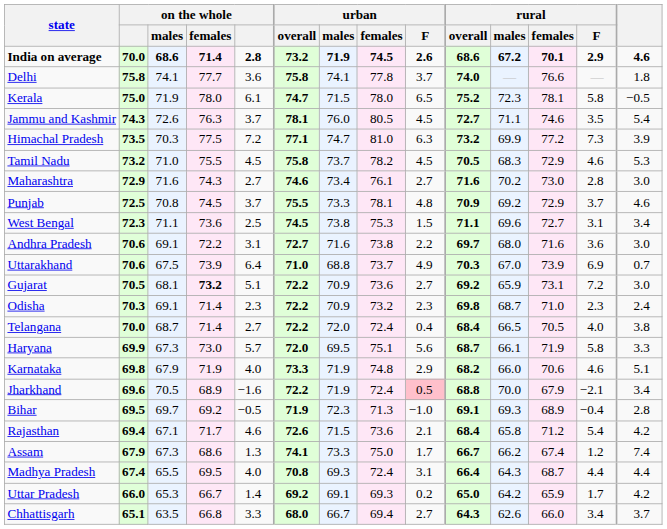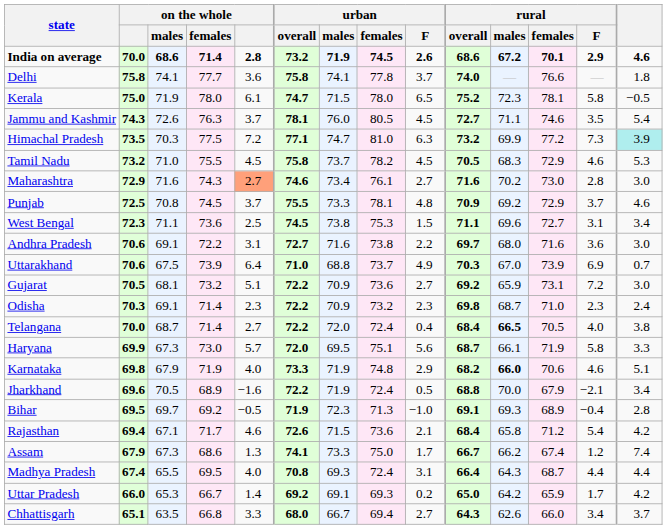 <table class="wikitable sortable static-row-numbers sort-under" style="text-align:right;">
 <tr class="static-row-header" style="text-align:center;vertical-align:bottom;">
 <th rowspan=2 style="vertical-align:middle;"><a href='#'>state</a></th>
 <th colspan=4>on the whole</th>
 <th colspan=4 style="border-left-width:2px;">urban</th>
 <th colspan=4 style="border-left-width:2px;">rural</th>
 <th rowspan=2 style="width:3em;vertical-align:middle;border-left-width:2px;"></th>
 </tr>
 <tr class="static-row-header" style="text-align:center;vertical-align:bottom;">
 <th style="vertical-align:middle;"></th>
 <th style="vertical-align:middle;">males</th>
 <th style="vertical-align:middle;">females</th>
 <th style="width:2.5em;"></th>
 <th style="vertical-align:middle;border-left-width:2px;">overall</th>
 <th style="vertical-align:middle;">males</th>
 <th style="vertical-align:middle;">females</th>
 <th style="width:2.5em;">F </th>
 <th style="vertical-align:middle;border-left-width:2px;">overall</th>
 <th style="vertical-align:middle;">males</th>
 <th style="vertical-align:middle;">females</th>
 <th style="width:2.5em;">F </th>
 </tr>
 <tr class=static-row-header>
 <td style="text-align:left;"><strong>India on average</strong></td>
 <td style="text-align:center; background:#e0ffd8;"><strong>70.0</strong></td>
 <td style="text-align:center;background:#eaf3ff;"><strong>68.6</strong></td>
 <td style="text-align:center;background:#fee7f6;"><strong>71.4</strong></td>
 <td style="padding-right:2ex;"><strong>2.8</strong></td>
 <td style="text-align:center;background:#e0ffd8;border-left-width:2px;"><strong>73.2</strong></td>
 <td style="text-align:center;background:#eaf3ff;"><strong>71.9</strong></td>
 <td style="text-align:center;background:#fee7f6;"><strong>74.5</strong></td>
 <td style="padding-right:2ex;"><strong>2.6</strong></td>
 <td style="text-align:center;background:#e0ffd8;border-left-width:2px;"><strong>68.6</strong></td>
 <td style="text-align:center;background:#eaf3ff;"><strong>67.2</strong></td>
 <td style="text-align:center;background:#fee7f6;"><strong>70.1</strong></td>
 <td style="padding-right:2ex;"><strong>2.9</strong></td>
 <td style="padding-right:2ex;border-left-width:2px;"><strong>4.6</strong></td>
 </tr>
 <tr>
 <td style="text-align:left;"><a href='#'>Delhi</a></td>
 <td style="text-align:center; background:#e0ffd8;"><strong>75.8</strong></td>
 <td style="text-align:center;background:#eaf3ff;">74.1</td>
 <td style="text-align:center;background:#fee7f6;">77.7</td>
 <td style="padding-right:2ex;">3.6</td>
 <td style="text-align:center;background:#e0ffd8;border-left-width:2px;"><strong>75.8</strong></td>
 <td style="text-align:center;background:#eaf3ff;">74.1</td>
 <td style="text-align:center;background:#fee7f6;">77.8</td>
 <td style="padding-right:2ex;">3.7</td>
 <td style="text-align:center;background:#e0ffd8;border-left-width:2px;"><strong>74.0</strong></td>
 <td style="text-align:center;background:#eaf3ff;color:silver;">—</td>
 <td style="text-align:center;background:#fee7f6;">76.6</td>
 <td style="padding-right:2ex;color:silver;">—</td>
 <td style="padding-right:2ex;border-left-width:2px;">1.8</td>
 </tr>
 <tr>
 <td style="text-align:left;"><a href='#'>Kerala</a></td>
 <td style="text-align:center; background:#e0ffd8;"><strong>75.0</strong></td>
 <td style="text-align:center;background:#eaf3ff;">71.9</td>
 <td style="text-align:center;background:#fee7f6;">78.0</td>
 <td style="padding-right:2ex;">6.1</td>
 <td style="text-align:center;background:#e0ffd8;border-left-width:2px;"><strong>74.7</strong></td>
 <td style="text-align:center;background:#eaf3ff;">71.5</td>
 <td style="text-align:center;background:#fee7f6;">78.0</td>
 <td style="padding-right:2ex;">6.5</td>
 <td style="text-align:center;background:#e0ffd8;border-left-width:2px;"><strong>75.2</strong></td>
 <td style="text-align:center;background:#eaf3ff;">72.3</td>
 <td style="text-align:center;background:#fee7f6;">78.1</td>
 <td style="padding-right:2ex;">5.8</td>
 <td style="padding-right:2ex;border-left-width:2px;">−0.5</td>
 </tr>
 <tr>
 <td style="text-align:left;"><a href='#'>Jammu and Kashmir</a></td>
 <td style="text-align:center; background:#e0ffd8;"><strong>74.3</strong></td>
 <td style="text-align:center;background:#eaf3ff;">72.6</td>
 <td style="text-align:center;background:#fee7f6;">76.3</td>
 <td style="padding-right:2ex;">3.7</td>
 <td style="text-align:center;background:#e0ffd8;border-left-width:2px;"><strong>78.1</strong></td>
 <td style="text-align:center;background:#eaf3ff;">76.0</td>
 <td style="text-align:center;background:#fee7f6;">80.5</td>
 <td style="padding-right:2ex;">4.5</td>
 <td style="text-align:center;background:#e0ffd8;border-left-width:2px;"><strong>72.7</strong></td>
 <td style="text-align:center;background:#eaf3ff;">71.1</td>
 <td style="text-align:center;background:#fee7f6;">74.6</td>
 <td style="padding-right:2ex;">3.5</td>
 <td style="padding-right:2ex;border-left-width:2px;">5.4</td>
 </tr>
 <tr>
 <td style="text-align:left;"><a href='#'>Himachal Pradesh</a></td>
 <td style="text-align:center; background:#e0ffd8;"><strong>73.5</strong></td>
 <td style="text-align:center;background:#eaf3ff;">70.3</td>
 <td style="text-align:center;background:#fee7f6;">77.5</td>
 <td style="padding-right:2ex;">7.2</td>
 <td style="text-align:center;background:#e0ffd8;border-left-width:2px;"><strong>77.1</strong></td>
 <td style="text-align:center;background:#eaf3ff;">74.7</td>
 <td style="text-align:center;background:#fee7f6;">81.0</td>
 <td style="padding-right:2ex;">6.3</td>
 <td style="text-align:center;background:#e0ffd8;border-left-width:2px;"><strong>73.2</strong></td>
 <td style="text-align:center;background:#eaf3ff;">69.9</td>
 <td style="text-align:center;background:#fee7f6;">77.2</td>
 <td style="padding-right:2ex;">7.3</td>
-<td style="padding-right:2ex;border-left-width:2px;">3.9</td>
+<td style="background: paleturquoise; padding-right:2ex;border-left-width:2px;">3.9</td>
 </tr>
 <tr>
 <td style="text-align:left;"><a href='#'>Tamil Nadu</a></td>
 <td style="text-align:center; background:#e0ffd8;"><strong>73.2</strong></td>
 <td style="text-align:center;background:#eaf3ff;">71.0</td>
 <td style="text-align:center;background:#fee7f6;">75.5</td>
 <td style="padding-right:2ex;">4.5</td>
 <td style="text-align:center;background:#e0ffd8;border-left-width:2px;"><strong>75.8</strong></td>
 <td style="text-align:center;background:#eaf3ff;">73.7</td>
 <td style="text-align:center;background:#fee7f6;">78.2</td>
 <td style="padding-right:2ex;">4.5</td>
 <td style="text-align:center;background:#e0ffd8;border-left-width:2px;"><strong>70.5</strong></td>
 <td style="text-align:center;background:#eaf3ff;">68.3</td>
 <td style="text-align:center;background:#fee7f6;">72.9</td>
 <td style="padding-right:2ex;">4.6</td>
 <td style="padding-right:2ex;border-left-width:2px;">5.3</td>
 </tr>
 <tr>
 <td style="text-align:left;"><a href='#'>Maharashtra</a></td>
 <td style="text-align:center; background:#e0ffd8;"><strong>72.9</strong></td>
 <td style="text-align:center;background:#eaf3ff;">71.6</td>
 <td style="text-align:center;background:#fee7f6;">74.3</td>
-<td style="padding-right:2ex;">2.7</td>
+<td style="background: lightsalmon; padding-right:2ex;">2.7</td>
 <td style="text-align:center;background:#e0ffd8;border-left-width:2px;"><strong>74.6</strong></td>
 <td style="text-align:center;background:#eaf3ff;">73.4</td>
 <td style="text-align:center;background:#fee7f6;">76.1</td>
 <td style="padding-right:2ex;">2.7</td>
 <td style="text-align:center;background:#e0ffd8;border-left-width:2px;"><strong>71.6</strong></td>
 <td style="text-align:center;background:#eaf3ff;">70.2</td>
 <td style="text-align:center;background:#fee7f6;">73.0</td>
 <td style="padding-right:2ex;">2.8</td>
 <td style="padding-right:2ex;border-left-width:2px;">3.0</td>
 </tr>
 <tr>
 <td style="text-align:left;"><a href='#'>Punjab</a></td>
 <td style="text-align:center; background:#e0ffd8;"><strong>72.5</strong></td>
 <td style="text-align:center;background:#eaf3ff;">70.8</td>
 <td style="text-align:center;background:#fee7f6;">74.5</td>
 <td style="padding-right:2ex;">3.7</td>
 <td style="text-align:center;background:#e0ffd8;border-left-width:2px;"><strong>75.5</strong></td>
 <td style="text-align:center;background:#eaf3ff;">73.3</td>
 <td style="text-align:center;background:#fee7f6;">78.1</td>
 <td style="padding-right:2ex;">4.8</td>
 <td style="text-align:center;background:#e0ffd8;border-left-width:2px;"><strong>70.9</strong></td>
 <td style="text-align:center;background:#eaf3ff;">69.2</td>
 <td style="text-align:center;background:#fee7f6;">72.9</td>
 <td style="padding-right:2ex;">3.7</td>
 <td style="padding-right:2ex;border-left-width:2px;">4.6</td>
 </tr>
 <tr>
 <td style="text-align:left;"><a href='#'>West Bengal</a></td>
 <td style="text-align:center; background:#e0ffd8;"><strong>72.3</strong></td>
 <td style="text-align:center;background:#eaf3ff;">71.1</td>
 <td style="text-align:center;background:#fee7f6;">73.6</td>
 <td style="padding-right:2ex;">2.5</td>
 <td style="text-align:center;background:#e0ffd8;border-left-width:2px;"><strong>74.5</strong></td>
 <td style="text-align:center;background:#eaf3ff;">73.8</td>
 <td style="text-align:center;background:#fee7f6;">75.3</td>
 <td style="padding-right:2ex;">1.5</td>
 <td style="text-align:center;background:#e0ffd8;border-left-width:2px;"><strong>71.1</strong></td>
 <td style="text-align:center;background:#eaf3ff;">69.6</td>
 <td style="text-align:center;background:#fee7f6;">72.7</td>
 <td style="padding-right:2ex;">3.1</td>
 <td style="padding-right:2ex;border-left-width:2px;">3.4</td>
 </tr>
 <tr>
 <td style="text-align:left;"><a href='#'>Andhra Pradesh</a></td>
 <td style="text-align:center; background:#e0ffd8;"><strong>70.6</strong></td>
 <td style="text-align:center;background:#eaf3ff;">69.1</td>
 <td style="text-align:center;background:#fee7f6;">72.2</td>
 <td style="padding-right:2ex;">3.1</td>
 <td style="text-align:center;background:#e0ffd8;border-left-width:2px;"><strong>72.7</strong></td>
 <td style="text-align:center;background:#eaf3ff;">71.6</td>
 <td style="text-align:center;background:#fee7f6;">73.8</td>
 <td style="padding-right:2ex;">2.2</td>
 <td style="text-align:center;background:#e0ffd8;border-left-width:2px;"><strong>69.7</strong></td>
 <td style="text-align:center;background:#eaf3ff;">68.0</td>
 <td style="text-align:center;background:#fee7f6;">71.6</td>
 <td style="padding-right:2ex;">3.6</td>
 <td style="padding-right:2ex;border-left-width:2px;">3.0</td>
 </tr>
 <tr>
 <td style="text-align:left;"><a href='#'>Uttarakhand</a></td>
 <td style="text-align:center; background:#e0ffd8;"><strong>70.6</strong></td>
 <td style="text-align:center;background:#eaf3ff;">67.5</td>
 <td style="text-align:center;background:#fee7f6;">73.9</td>
 <td style="padding-right:2ex;">6.4</td>
 <td style="text-align:center;background:#e0ffd8;border-left-width:2px;"><strong>71.0</strong></td>
 <td style="text-align:center;background:#eaf3ff;">68.8</td>
 <td style="text-align:center;background:#fee7f6;">73.7</td>
 <td style="padding-right:2ex;">4.9</td>
 <td style="text-align:center;background:#e0ffd8;border-left-width:2px;"><strong>70.3</strong></td>
 <td style="text-align:center;background:#eaf3ff;">67.0</td>
 <td style="text-align:center;background:#fee7f6;">73.9</td>
 <td style="padding-right:2ex;">6.9</td>
 <td style="padding-right:2ex;border-left-width:2px;">0.7</td>
 </tr>
 <tr>
 <td style="text-align:left;"><a href='#'>Gujarat</a></td>
 <td style="text-align:center; background:#e0ffd8;"><strong>70.5</strong></td>
 <td style="text-align:center;background:#eaf3ff;">68.1</td>
-<td style="text-align:center;background:#fee7f6;"><strong>73.2</strong></td>
+<td style="text-align:center;background:#fee7f6;">73.2</td>
 <td style="padding-right:2ex;">5.1</td>
 <td style="text-align:center;background:#e0ffd8;border-left-width:2px;"><strong>72.2</strong></td>
 <td style="text-align:center;background:#eaf3ff;">70.9</td>
 <td style="text-align:center;background:#fee7f6;">73.6</td>
 <td style="padding-right:2ex;">2.7</td>
 <td style="text-align:center;background:#e0ffd8;border-left-width:2px;"><strong>69.2</strong></td>
 <td style="text-align:center;background:#eaf3ff;">65.9</td>
 <td style="text-align:center;background:#fee7f6;">73.1</td>
 <td style="padding-right:2ex;">7.2</td>
 <td style="padding-right:2ex;border-left-width:2px;">3.0</td>
 </tr>
 <tr>
 <td style="text-align:left;"><a href='#'>Odisha</a></td>
 <td style="text-align:center; background:#e0ffd8;"><strong>70.3</strong></td>
 <td style="text-align:center;background:#eaf3ff;">69.1</td>
 <td style="text-align:center;background:#fee7f6;">71.4</td>
 <td style="padding-right:2ex;">2.3</td>
 <td style="text-align:center;background:#e0ffd8;border-left-width:2px;"><strong>72.2</strong></td>
 <td style="text-align:center;background:#eaf3ff;">70.9</td>
 <td style="text-align:center;background:#fee7f6;">73.2</td>
 <td style="padding-right:2ex;">2.3</td>
 <td style="text-align:center;background:#e0ffd8;border-left-width:2px;"><strong>69.8</strong></td>
 <td style="text-align:center;background:#eaf3ff;">68.7</td>
 <td style="text-align:center;background:#fee7f6;">71.0</td>
 <td style="padding-right:2ex;">2.3</td>
 <td style="padding-right:2ex;border-left-width:2px;">2.4</td>
 </tr>
 <tr>
 <td style="text-align:left;"><a href='#'>Telangana</a></td>
 <td style="text-align:center; background:#e0ffd8;"><strong>70.0</strong></td>
 <td style="text-align:center;background:#eaf3ff;">68.7</td>
 <td style="text-align:center;background:#fee7f6;">71.4</td>
 <td style="padding-right:2ex;">2.7</td>
 <td style="text-align:center;background:#e0ffd8;border-left-width:2px;"><strong>72.2</strong></td>
 <td style="text-align:center;background:#eaf3ff;">72.0</td>
 <td style="text-align:center;background:#fee7f6;">72.4</td>
 <td style="padding-right:2ex;">0.4</td>
 <td style="text-align:center;background:#e0ffd8;border-left-width:2px;"><strong>68.4</strong></td>
-<td style="text-align:center;background:#eaf3ff;">66.5</td>
+<td style="text-align:center;background:#eaf3ff;"><strong>66.5</strong></td>
 <td style="text-align:center;background:#fee7f6;">70.5</td>
 <td style="padding-right:2ex;">4.0</td>
 <td style="padding-right:2ex;border-left-width:2px;">3.8</td>
 </tr>
 <tr>
 <td style="text-align:left;"><a href='#'>Haryana</a></td>
 <td style="text-align:center; background:#e0ffd8;"><strong>69.9</strong></td>
 <td style="text-align:center;background:#eaf3ff;">67.3</td>
 <td style="text-align:center;background:#fee7f6;">73.0</td>
 <td style="padding-right:2ex;">5.7</td>
 <td style="text-align:center;background:#e0ffd8;border-left-width:2px;"><strong>72.0</strong></td>
 <td style="text-align:center;background:#eaf3ff;">69.5</td>
 <td style="text-align:center;background:#fee7f6;">75.1</td>
 <td style="padding-right:2ex;">5.6</td>
 <td style="text-align:center;background:#e0ffd8;border-left-width:2px;"><strong>68.7</strong></td>
 <td style="text-align:center;background:#eaf3ff;">66.1</td>
 <td style="text-align:center;background:#fee7f6;">71.9</td>
 <td style="padding-right:2ex;">5.8</td>
 <td style="padding-right:2ex;border-left-width:2px;">3.3</td>
 </tr>
 <tr>
 <td style="text-align:left;"><a href='#'>Karnataka</a></td>
 <td style="text-align:center; background:#e0ffd8;"><strong>69.8</strong></td>
 <td style="text-align:center;background:#eaf3ff;">67.9</td>
 <td style="text-align:center;background:#fee7f6;">71.9</td>
 <td style="padding-right:2ex;">4.0</td>
 <td style="text-align:center;background:#e0ffd8;border-left-width:2px;"><strong>73.3</strong></td>
 <td style="text-align:center;background:#eaf3ff;">71.9</td>
 <td style="text-align:center;background:#fee7f6;">74.8</td>
 <td style="padding-right:2ex;">2.9</td>
 <td style="text-align:center;background:#e0ffd8;border-left-width:2px;"><strong>68.2</strong></td>
-<td style="text-align:center;background:#eaf3ff;">66.0</td>
+<td style="text-align:center;background:#eaf3ff;"><strong>66.0</strong></td>
 <td style="text-align:center;background:#fee7f6;">70.6</td>
 <td style="padding-right:2ex;">4.6</td>
 <td style="padding-right:2ex;border-left-width:2px;">5.1</td>
 </tr>
 <tr>
 <td style="text-align:left;"><a href='#'>Jharkhand</a></td>
 <td style="text-align:center; background:#e0ffd8;"><strong>69.6</strong></td>
 <td style="text-align:center;background:#eaf3ff;">70.5</td>
 <td style="text-align:center;background:#fee7f6;">68.9</td>
 <td style="padding-right:2ex;">−1.6</td>
 <td style="text-align:center;background:#e0ffd8;border-left-width:2px;"><strong>72.2</strong></td>
 <td style="text-align:center;background:#eaf3ff;">71.9</td>
 <td style="text-align:center;background:#fee7f6;">72.4</td>
-<td style="background: pink; padding-right:2ex;">0.5</td>
+<td style="padding-right:2ex;">0.5</td>
 <td style="text-align:center;background:#e0ffd8;border-left-width:2px;"><strong>68.8</strong></td>
 <td style="text-align:center;background:#eaf3ff;">70.0</td>
 <td style="text-align:center;background:#fee7f6;">67.9</td>
 <td style="padding-right:2ex;">−2.1</td>
 <td style="padding-right:2ex;border-left-width:2px;">3.4</td>
 </tr>
 <tr>
 <td style="text-align:left;"><a href='#'>Bihar</a></td>
 <td style="text-align:center; background:#e0ffd8;"><strong>69.5</strong></td>
 <td style="text-align:center;background:#eaf3ff;">69.7</td>
 <td style="text-align:center;background:#fee7f6;">69.2</td>
 <td style="padding-right:2ex;">−0.5</td>
 <td style="text-align:center;background:#e0ffd8;border-left-width:2px;"><strong>71.9</strong></td>
 <td style="text-align:center;background:#eaf3ff;">72.3</td>
 <td style="text-align:center;background:#fee7f6;">71.3</td>
 <td style="padding-right:2ex;">−1.0</td>
 <td style="text-align:center;background:#e0ffd8;border-left-width:2px;"><strong>69.1</strong></td>
 <td style="text-align:center;background:#eaf3ff;">69.3</td>
 <td style="text-align:center;background:#fee7f6;">68.9</td>
 <td style="padding-right:2ex;">−0.4</td>
 <td style="padding-right:2ex;border-left-width:2px;">2.8</td>
 </tr>
 <tr>
 <td style="text-align:left;"><a href='#'>Rajasthan</a></td>
 <td style="text-align:center; background:#e0ffd8;"><strong>69.4</strong></td>
 <td style="text-align:center;background:#eaf3ff;">67.1</td>
 <td style="text-align:center;background:#fee7f6;">71.7</td>
 <td style="padding-right:2ex;">4.6</td>
 <td style="text-align:center;background:#e0ffd8;border-left-width:2px;"><strong>72.6</strong></td>
 <td style="text-align:center;background:#eaf3ff;">71.5</td>
 <td style="text-align:center;background:#fee7f6;">73.6</td>
 <td style="padding-right:2ex;">2.1</td>
 <td style="text-align:center;background:#e0ffd8;border-left-width:2px;"><strong>68.4</strong></td>
 <td style="text-align:center;background:#eaf3ff;">65.8</td>
 <td style="text-align:center;background:#fee7f6;">71.2</td>
 <td style="padding-right:2ex;">5.4</td>
 <td style="padding-right:2ex;border-left-width:2px;">4.2</td>
 </tr>
 <tr>
 <td style="text-align:left;"><a href='#'>Assam</a></td>
 <td style="text-align:center; background:#e0ffd8;"><strong>67.9</strong></td>
 <td style="text-align:center;background:#eaf3ff;">67.3</td>
 <td style="text-align:center;background:#fee7f6;">68.6</td>
 <td style="padding-right:2ex;">1.3</td>
 <td style="text-align:center;background:#e0ffd8;border-left-width:2px;"><strong>74.1</strong></td>
 <td style="text-align:center;background:#eaf3ff;">73.3</td>
 <td style="text-align:center;background:#fee7f6;">75.0</td>
 <td style="padding-right:2ex;">1.7</td>
 <td style="text-align:center;background:#e0ffd8;border-left-width:2px;"><strong>66.7</strong></td>
 <td style="text-align:center;background:#eaf3ff;">66.2</td>
 <td style="text-align:center;background:#fee7f6;">67.4</td>
 <td style="padding-right:2ex;">1.2</td>
 <td style="padding-right:2ex;border-left-width:2px;">7.4</td>
 </tr>
 <tr>
 <td style="text-align:left;"><a href='#'>Madhya Pradesh</a></td>
 <td style="text-align:center; background:#e0ffd8;"><strong>67.4</strong></td>
 <td style="text-align:center;background:#eaf3ff;">65.5</td>
 <td style="text-align:center;background:#fee7f6;">69.5</td>
 <td style="padding-right:2ex;">4.0</td>
 <td style="text-align:center;background:#e0ffd8;border-left-width:2px;"><strong>70.8</strong></td>
 <td style="text-align:center;background:#eaf3ff;">69.3</td>
 <td style="text-align:center;background:#fee7f6;">72.4</td>
 <td style="padding-right:2ex;">3.1</td>
 <td style="text-align:center;background:#e0ffd8;border-left-width:2px;"><strong>66.4</strong></td>
 <td style="text-align:center;background:#eaf3ff;">64.3</td>
 <td style="text-align:center;background:#fee7f6;">68.7</td>
 <td style="padding-right:2ex;">4.4</td>
 <td style="padding-right:2ex;border-left-width:2px;">4.4</td>
 </tr>
 <tr>
 <td style="text-align:left;"><a href='#'>Uttar Pradesh</a></td>
 <td style="text-align:center; background:#e0ffd8;"><strong>66.0</strong></td>
 <td style="text-align:center;background:#eaf3ff;">65.3</td>
 <td style="text-align:center;background:#fee7f6;">66.7</td>
 <td style="padding-right:2ex;">1.4</td>
 <td style="text-align:center;background:#e0ffd8;border-left-width:2px;"><strong>69.2</strong></td>
 <td style="text-align:center;background:#eaf3ff;">69.1</td>
 <td style="text-align:center;background:#fee7f6;">69.3</td>
 <td style="padding-right:2ex;">0.2</td>
 <td style="text-align:center;background:#e0ffd8;border-left-width:2px;"><strong>65.0</strong></td>
 <td style="text-align:center;background:#eaf3ff;">64.2</td>
 <td style="text-align:center;background:#fee7f6;">65.9</td>
 <td style="padding-right:2ex;">1.7</td>
 <td style="padding-right:2ex;border-left-width:2px;">4.2</td>
 </tr>
 <tr>
 <td style="text-align:left;"><a href='#'>Chhattisgarh</a></td>
 <td style="text-align:center; background:#e0ffd8;"><strong>65.1</strong></td>
 <td style="text-align:center;background:#eaf3ff;">63.5</td>
 <td style="text-align:center;background:#fee7f6;">66.8</td>
 <td style="padding-right:2ex;">3.3</td>
 <td style="text-align:center;background:#e0ffd8;border-left-width:2px;"><strong>68.0</strong></td>
 <td style="text-align:center;background:#eaf3ff;">66.7</td>
 <td style="text-align:center;background:#fee7f6;">69.4</td>
 <td style="padding-right:2ex;">2.7</td>
 <td style="text-align:center;background:#e0ffd8;border-left-width:2px;"><strong>64.3</strong></td>
 <td style="text-align:center;background:#eaf3ff;">62.6</td>
 <td style="text-align:center;background:#fee7f6;">66.0</td>
 <td style="padding-right:2ex;">3.4</td>
 <td style="padding-right:2ex;border-left-width:2px;">3.7</td>
 </tr>
 </table>
